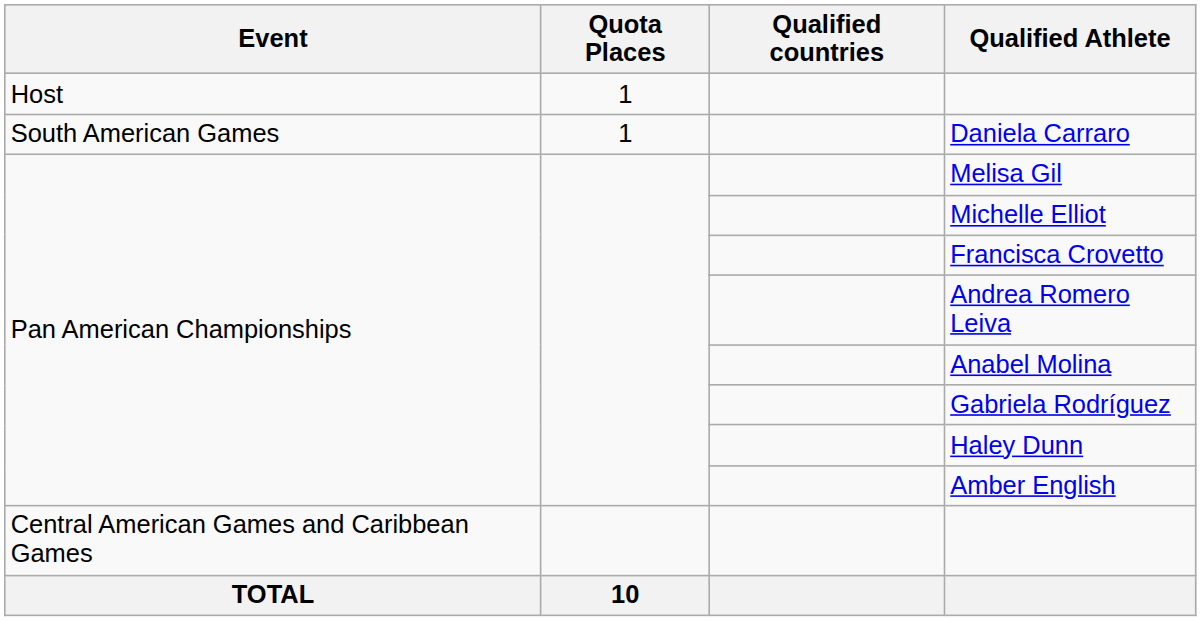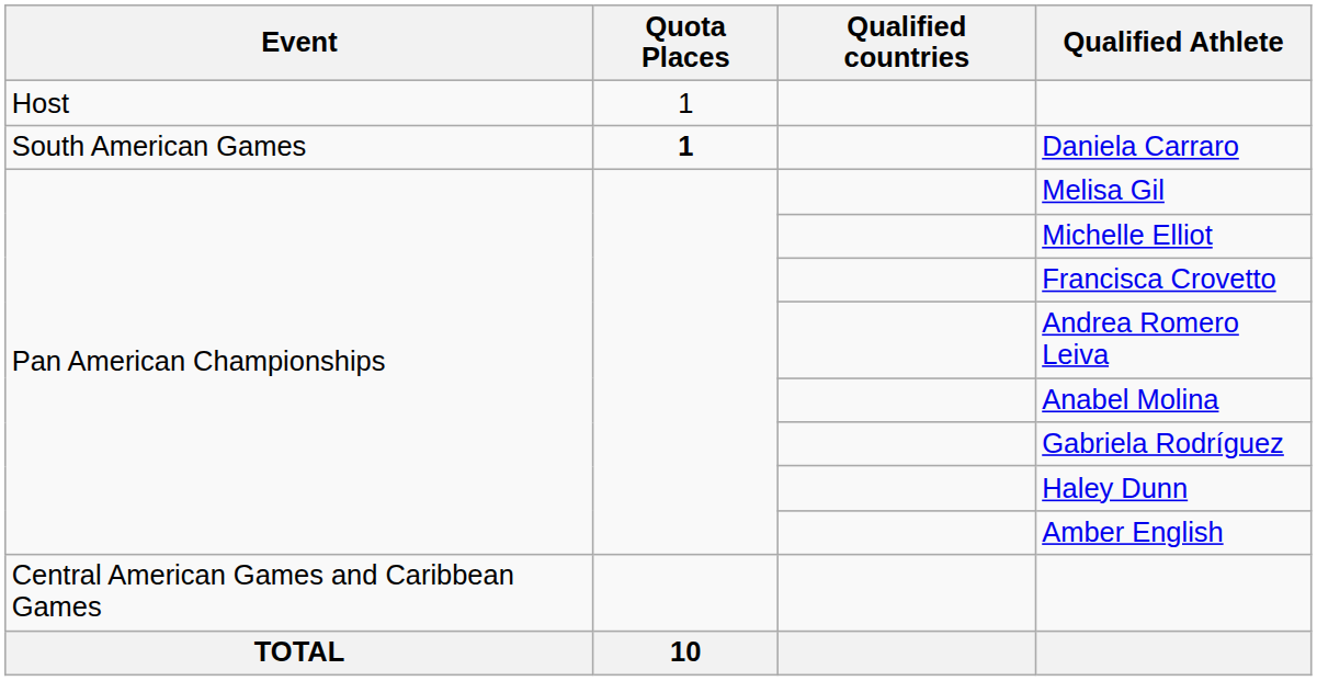 <table class=wikitable style="text-align:left" width=750>
 <tr>
 <th>Event</th>
 <th>Quota Places</th>
 <th>Qualified countries</th>
 <th>Qualified Athlete</th>
 </tr>
 <tr>
 <td>Host</td>
 <td align=center>1</td>
 <td></td>
 <td></td>
 </tr>
 <tr>
 <td>South American Games</td>
-<td align=center>1</td>
+<td align=center><strong>1</strong></td>
 <td></td>
 <td><a href='#'>Daniela Carraro</a></td>
 </tr>
 <tr>
 <td rowspan="8">Pan American Championships</td>
 <td rowspan="8" align=center></td>
 <td></td>
 <td><a href='#'>Melisa Gil</a></td>
 </tr>
 <tr>
 <td></td>
 <td><a href='#'>Michelle Elliot</a></td>
 </tr>
 <tr>
 <td></td>
 <td><a href='#'>Francisca Crovetto</a></td>
 </tr>
 <tr>
 <td></td>
 <td><a href='#'>Andrea Romero Leiva</a></td>
 </tr>
 <tr>
 <td></td>
 <td><a href='#'>Anabel Molina</a></td>
 </tr>
 <tr>
 <td></td>
 <td><a href='#'>Gabriela Rodríguez</a></td>
 </tr>
 <tr>
 <td></td>
 <td><a href='#'>Haley Dunn</a></td>
 </tr>
 <tr>
 <td></td>
 <td><a href='#'>Amber English</a></td>
 </tr>
 <tr>
 <td>Central American Games and Caribbean Games</td>
 <td align=center></td>
 <td></td>
 <td></td>
 </tr>
 <tr>
 <th>TOTAL</th>
 <th>10</th>
 <th></th>
 <th></th>
 </tr>
 </table>
